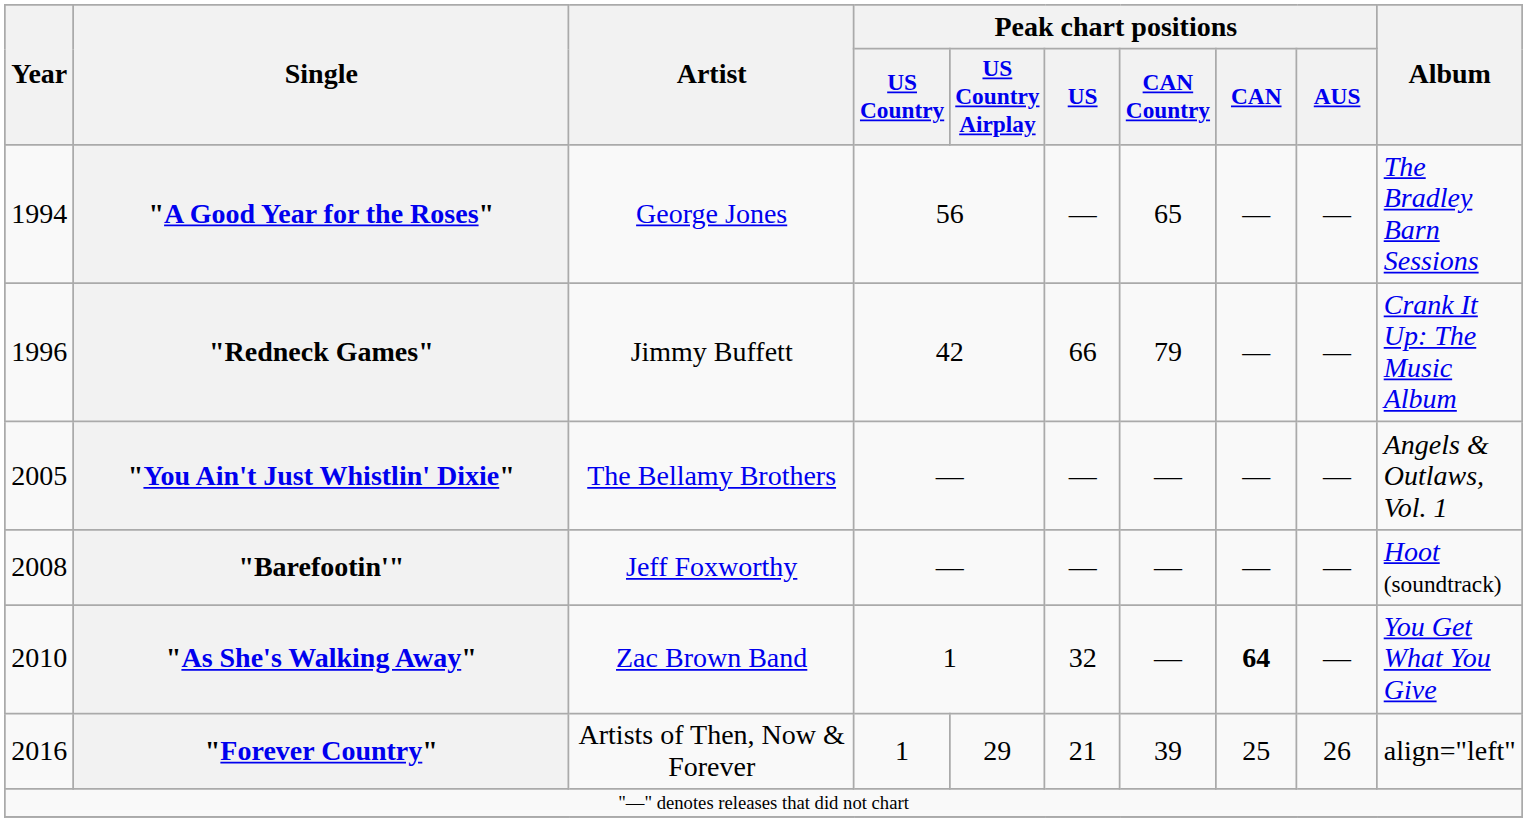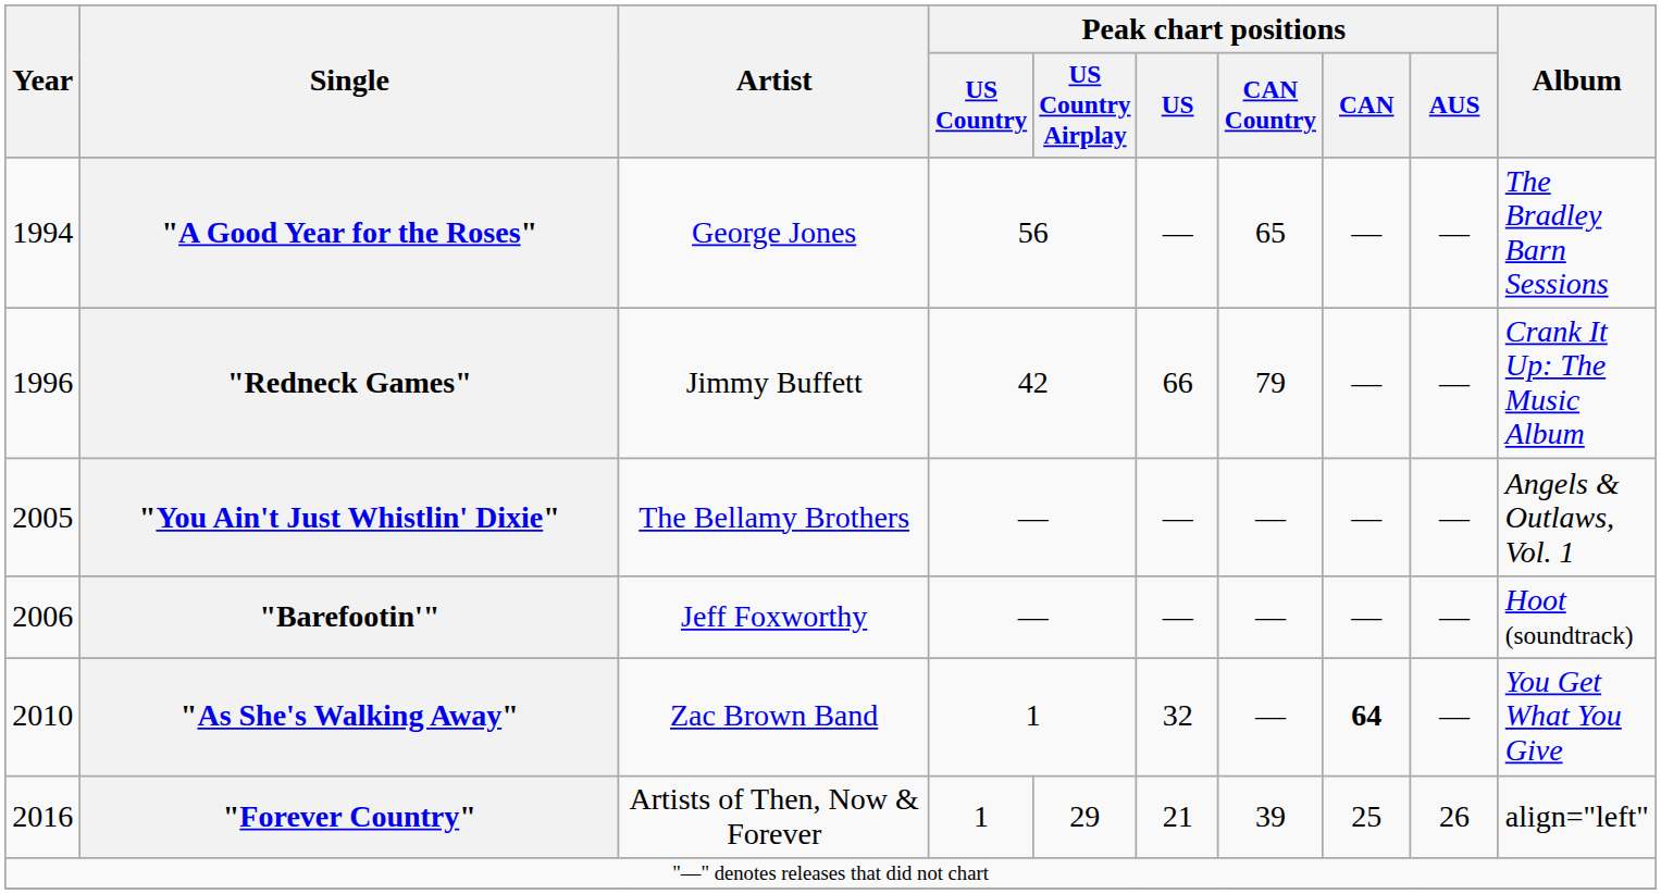 <table class="wikitable plainrowheaders" style="text-align:center;">
 <tr>
 <th rowspan="2">Year</th>
 <th rowspan="2" style="width:22em;">Single</th>
 <th rowspan="2" style="width:12em;">Artist</th>
 <th colspan="6">Peak chart positions</th>
 <th rowspan="2">Album</th>
 </tr>
 <tr style="font-size:smaller;">
 <th width="45"><a href='#'>US Country</a><br></th>
 <th width="45"><a href='#'>US Country Airplay</a></th>
 <th width="45"><a href='#'>US</a><br></th>
 <th width="45"><a href='#'>CAN Country</a><br></th>
 <th width="45"><a href='#'>CAN</a><br></th>
 <th width="45"><a href='#'>AUS</a></th>
 </tr>
 <tr>
 <td>1994</td>
 <th scope="row">"<a href='#'>A Good Year for the Roses</a>"</th>
 <td><a href='#'>George Jones</a></td>
 <td colspan=2>56</td>
 <td>—</td>
 <td>65</td>
 <td>—</td>
 <td>—</td>
 <td align="left"><em><a href='#'>The Bradley Barn Sessions</a></em></td>
 </tr>
 <tr>
 <td>1996</td>
 <th scope="row">"Redneck Games"</th>
 <td>Jimmy Buffett</td>
 <td colspan=2>42</td>
 <td>66</td>
 <td>79</td>
 <td>—</td>
 <td>—</td>
 <td align="left"><em><a href='#'>Crank It Up: The Music Album</a></em></td>
 </tr>
 <tr>
 <td>2005</td>
 <th scope="row">"<a href='#'>You Ain't Just Whistlin' Dixie</a>"</th>
 <td><a href='#'>The Bellamy Brothers</a></td>
 <td colspan=2>—</td>
 <td>—</td>
 <td>—</td>
 <td>—</td>
 <td>—</td>
 <td align="left"><em>Angels & Outlaws, Vol. 1</em></td>
 </tr>
 <tr>
-<td>2008</td>
+<td>2006</td>
 <th scope="row">"Barefootin'"</th>
 <td><a href='#'>Jeff Foxworthy</a></td>
 <td colspan=2>—</td>
 <td>—</td>
 <td>—</td>
 <td>—</td>
 <td>—</td>
 <td align="left"><em><a href='#'>Hoot</a></em> <small>(soundtrack)</small></td>
 </tr>
 <tr>
 <td>2010</td>
 <th scope="row">"<a href='#'>As She's Walking Away</a>"</th>
 <td><a href='#'>Zac Brown Band</a></td>
 <td colspan=2>1</td>
 <td>32</td>
 <td>—</td>
 <td><strong>64</strong></td>
 <td>—</td>
 <td align="left"><em><a href='#'>You Get What You Give</a></em></td>
 </tr>
 <tr>
 <td>2016</td>
 <th scope="row">"<a href='#'>Forever Country</a>"</th>
 <td>Artists of Then, Now & Forever</td>
 <td>1<br></td>
 <td>29<br></td>
 <td>21<br></td>
 <td>39</td>
 <td>25</td>
 <td>26</td>
 <td>align="left" </td>
 </tr>
 <tr>
 <td colspan="10" style="font-size:8pt">"—" denotes releases that did not chart</td>
 </tr>
 <tr>
 </tr>
 </table>
